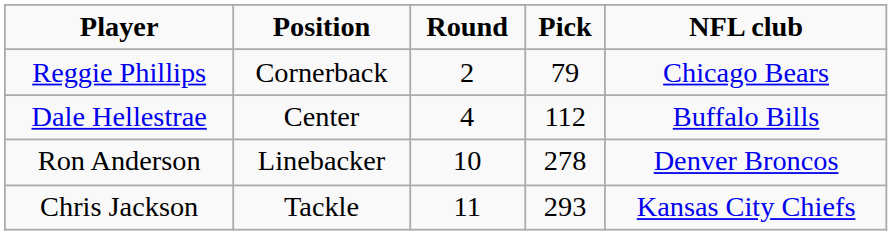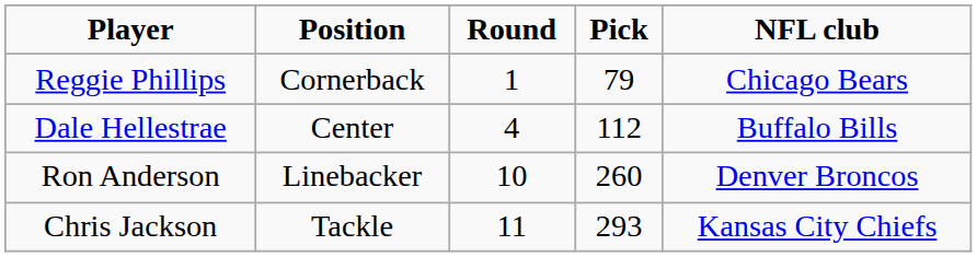 <table class="wikitable" width="80%">
 <tr align="center">
 <td><strong>Player</strong></td>
 <td><strong>Position</strong></td>
 <td><strong>Round</strong></td>
 <td><strong>Pick</strong></td>
 <td><strong>NFL club</strong></td>
 </tr>
 <tr align="center" bgcolor="">
 <td><a href='#'>Reggie Phillips</a></td>
 <td>Cornerback</td>
-<td>2</td>
+<td>1</td>
 <td>79</td>
 <td><a href='#'>Chicago Bears</a></td>
 </tr>
 <tr align="center" bgcolor="">
 <td><a href='#'>Dale Hellestrae</a></td>
 <td>Center</td>
 <td>4</td>
 <td>112</td>
 <td><a href='#'>Buffalo Bills</a></td>
 </tr>
 <tr align="center" bgcolor="">
 <td>Ron Anderson</td>
 <td>Linebacker</td>
 <td>10</td>
-<td>278</td>
+<td>260</td>
 <td><a href='#'>Denver Broncos</a></td>
 </tr>
 <tr align="center" bgcolor="">
 <td>Chris Jackson</td>
 <td>Tackle</td>
 <td>11</td>
 <td>293</td>
 <td><a href='#'>Kansas City Chiefs</a></td>
 </tr>
 </table>
